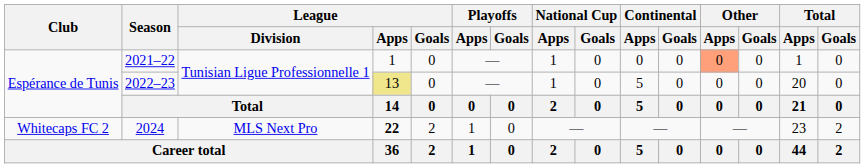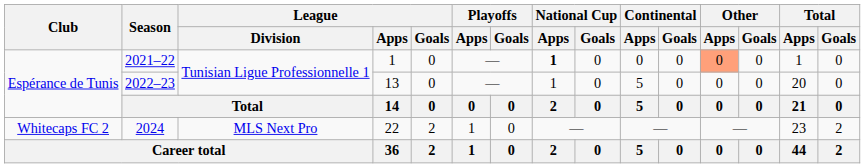 <table class=wikitable style="text-align: center;">
 <tr>
 <th rowspan=2>Club</th>
 <th rowspan=2>Season</th>
 <th colspan=3>League</th>
 <th colspan=2>Playoffs</th>
 <th colspan=2>National Cup</th>
 <th colspan=2>Continental</th>
 <th colspan=2>Other</th>
 <th colspan=2>Total</th>
 </tr>
 <tr>
 <th>Division</th>
 <th>Apps</th>
 <th>Goals</th>
 <th>Apps</th>
 <th>Goals</th>
 <th>Apps</th>
 <th>Goals</th>
 <th>Apps</th>
 <th>Goals</th>
 <th>Apps</th>
 <th>Goals</th>
 <th>Apps</th>
 <th>Goals</th>
 </tr>
 <tr>
 <td rowspan=3><a href='#'>Espérance de Tunis</a></td>
 <td><a href='#'>2021–22</a></td>
 <td rowspan=2><a href='#'>Tunisian Ligue Professionnelle 1</a></td>
 <td>1</td>
 <td>0</td>
 <td colspan="2">—</td>
-<td>1</td>
+<td><strong>1</strong></td>
 <td>0</td>
 <td>0</td>
 <td>0</td>
 <td style="background: lightsalmon;">0</td>
 <td>0</td>
 <td>1</td>
 <td>0</td>
 </tr>
 <tr>
 <td><a href='#'>2022–23</a></td>
-<td style="background: khaki;">13</td>
+<td>13</td>
 <td>0</td>
 <td colspan="2">—</td>
 <td>1</td>
 <td>0</td>
 <td>5</td>
 <td>0</td>
 <td>0</td>
 <td>0</td>
 <td>20</td>
 <td>0</td>
 </tr>
 <tr>
 <th colspan="2">Total</th>
 <th>14</th>
 <th>0</th>
 <th>0</th>
 <th>0</th>
 <th>2</th>
 <th>0</th>
 <th>5</th>
 <th>0</th>
 <th>0</th>
 <th>0</th>
 <th>21</th>
 <th>0</th>
 </tr>
 <tr>
 <td><a href='#'>Whitecaps FC 2</a></td>
 <td><a href='#'>2024</a></td>
 <td><a href='#'>MLS Next Pro</a></td>
-<td><strong>22</strong></td>
+<td>22</td>
 <td>2</td>
 <td>1</td>
 <td>0</td>
 <td colspan="2">—</td>
 <td colspan="2">—</td>
 <td colspan="2">—</td>
 <td>23</td>
 <td>2</td>
 </tr>
 <tr>
 <th colspan=3>Career total</th>
 <th>36</th>
 <th>2</th>
 <th>1</th>
 <th>0</th>
 <th>2</th>
 <th>0</th>
 <th>5</th>
 <th>0</th>
 <th>0</th>
 <th>0</th>
 <th>44</th>
 <th>2</th>
 </tr>
 </table>
